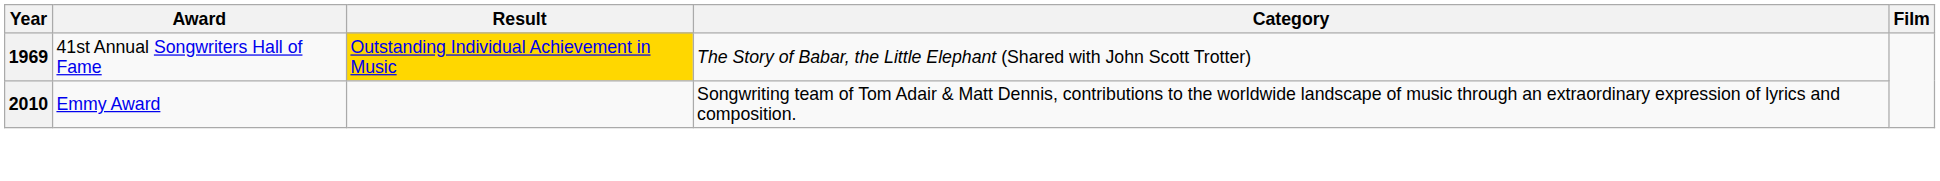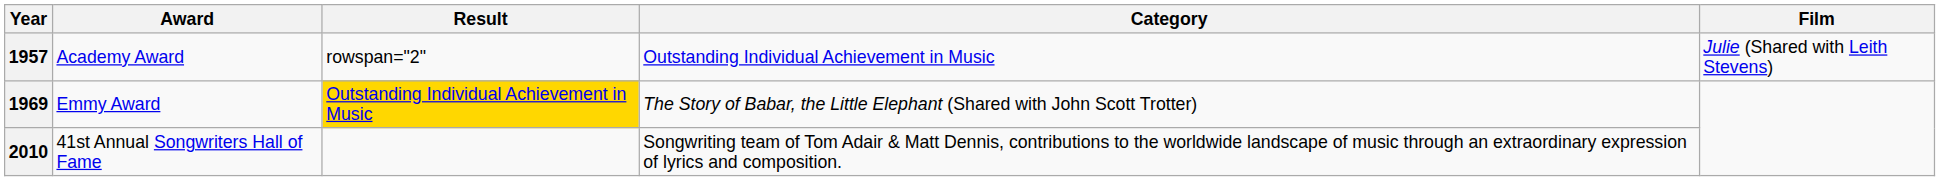 <table class="wikitable plainrowheaders" style="font-size: 90%;">
 <tr>
 <th scope="col">Year</th>
 <th scope="col">Award</th>
 <th scope="col">Result</th>
 <th scope="col">Category</th>
 <th scope="col">Film</th>
 </tr>
 <tr>
+<th scope="row">1957</th>
+<td><a href='#'>Academy Award</a></td>
+<td>rowspan="2" </td>
+<td><a href='#'>Outstanding Individual Achievement in Music</a></td>
+<td><em><a href='#'>Julie</a></em> (Shared with <a href='#'>Leith Stevens</a>)</td>
+</tr>
+<tr>
 <th scope="row">1969</th>
-<td>41st Annual <a href='#'>Songwriters Hall of Fame</a></td>
+<td><a href='#'>Emmy Award</a></td>
 <td style="background: gold;"><a href='#'>Outstanding Individual Achievement in Music</a></td>
 <td><em>The Story of Babar, the Little Elephant</em> (Shared with John Scott Trotter)</td>
 </tr>
 <tr>
 <th scope="row">2010</th>
-<td><a href='#'>Emmy Award</a></td>
+<td>41st Annual <a href='#'>Songwriters Hall of Fame</a></td>
 <td></td>
 <td>Songwriting team of Tom Adair & Matt Dennis, contributions to the worldwide landscape of music through an extraordinary expression of lyrics and composition.</td>
 </tr>
 </table>
